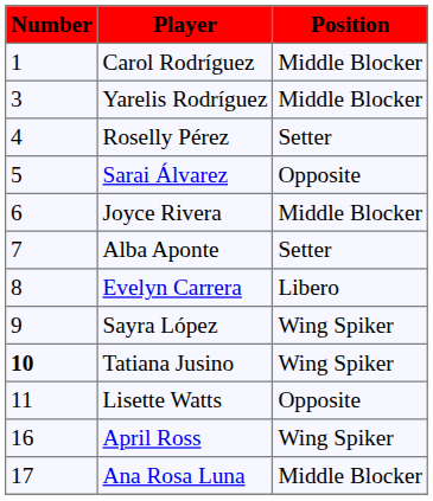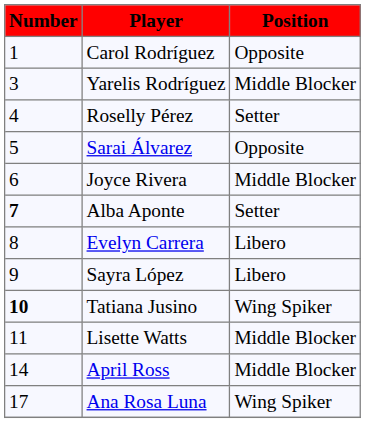 <table bgcolor="#f7f8ff" cellpadding="3" cellspacing="0" border="1" style="font-size: 95%; border: gray solid 1px; border-collapse: collapse;">
 <tr bgcolor="#ff0000">
 <td align=center><strong>Number</strong></td>
 <td align=center><strong>Player</strong></td>
 <td align=center><strong>Position</strong></td>
 </tr>
 <tr align="left">
 <td>1</td>
 <td> Carol Rodríguez</td>
-<td>Middle Blocker</td>
+<td>Opposite</td>
 </tr>
 <tr align="left">
 <td>3</td>
 <td> Yarelis Rodríguez</td>
 <td>Middle Blocker</td>
 </tr>
 <tr align="left">
 <td>4</td>
 <td> Roselly Pérez</td>
 <td>Setter</td>
 </tr>
 <tr align="left">
 <td>5</td>
 <td> <a href='#'>Sarai Álvarez</a></td>
 <td>Opposite</td>
 </tr>
 <tr align="left">
 <td>6</td>
 <td> Joyce Rivera</td>
 <td>Middle Blocker</td>
 </tr>
 <tr align="left">
-<td>7</td>
+<td><strong>7</strong></td>
 <td> Alba Aponte</td>
 <td>Setter</td>
 </tr>
 <tr align="left">
 <td>8</td>
 <td> <a href='#'>Evelyn Carrera</a></td>
 <td>Libero</td>
 </tr>
 <tr align="left">
 <td>9</td>
 <td> Sayra López</td>
-<td>Wing Spiker</td>
+<td>Libero</td>
 </tr>
 <tr align="left">
 <td><strong>10</strong></td>
 <td> Tatiana Jusino</td>
 <td>Wing Spiker</td>
 </tr>
 <tr align="left">
 <td>11</td>
 <td> Lisette Watts</td>
-<td>Opposite</td>
+<td>Middle Blocker</td>
 </tr>
 <tr align="left">
-<td>16</td>
+<td>14</td>
 <td> <a href='#'>April Ross</a></td>
-<td>Wing Spiker</td>
+<td>Middle Blocker</td>
 </tr>
 <tr align="left">
 <td>17</td>
 <td> <a href='#'>Ana Rosa Luna</a></td>
-<td>Middle Blocker</td>
+<td>Wing Spiker</td>
 </tr>
 <tr align="left">
 </tr>
 </table>
